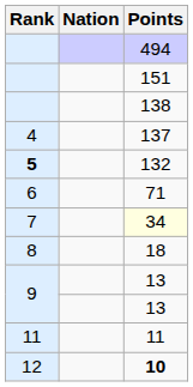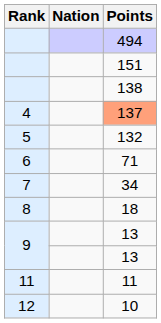 <table class="wikitable sortable" style="text-align:center">
 <tr>
 <th>Rank</th>
 <th>Nation</th>
 <th>Points</th>
 </tr>
 <tr style="background-color:#ccccff">
 <td bgcolor = DDEEFF></td>
 <td align=left></td>
 <td>494</td>
 </tr>
 <tr>
 <td bgcolor = DDEEFF></td>
 <td align=left></td>
 <td>151</td>
 </tr>
 <tr>
 <td bgcolor = DDEEFF></td>
 <td align=left></td>
 <td>138</td>
 </tr>
 <tr>
 <td bgcolor = DDEEFF>4</td>
 <td align=left></td>
-<td>137</td>
+<td style="background: lightsalmon;">137</td>
 </tr>
 <tr>
-<td bgcolor = DDEEFF><strong>5</strong></td>
+<td bgcolor = DDEEFF>5</td>
 <td align=left></td>
 <td>132</td>
 </tr>
 <tr>
 <td bgcolor = DDEEFF>6</td>
 <td align=left></td>
 <td>71</td>
 </tr>
 <tr>
 <td bgcolor = DDEEFF>7</td>
 <td align=left></td>
-<td style="background: lightyellow;">34</td>
+<td>34</td>
 </tr>
 <tr>
 <td bgcolor = DDEEFF>8</td>
 <td align=left></td>
 <td>18</td>
 </tr>
 <tr>
 <td rowspan=2 bgcolor = DDEEFF>9</td>
 <td align=left></td>
 <td>13</td>
 </tr>
 <tr>
 <td align=left></td>
 <td>13</td>
 </tr>
 <tr>
 <td bgcolor = DDEEFF>11</td>
 <td align=left></td>
 <td>11</td>
 </tr>
 <tr>
 <td bgcolor = DDEEFF>12</td>
 <td align=left></td>
-<td><strong>10</strong></td>
+<td>10</td>
 </tr>
 </table>
